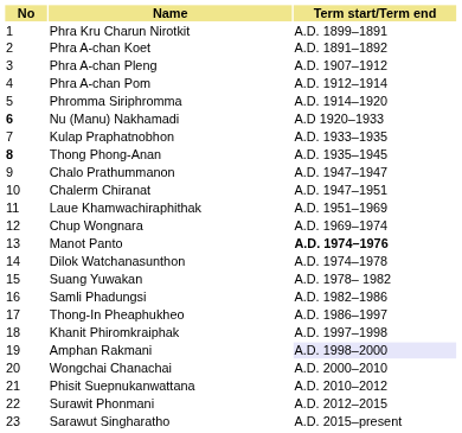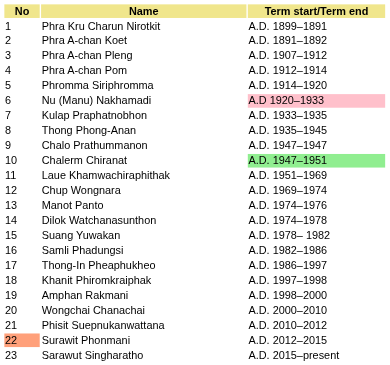 <table class="PrvPe0b">
 <tr>
 <th width="50" style="background: Khaki;text-align: center;">No</th>
 <th width="300" style="background: Khaki;text-align: center;">Name</th>
 <th width="200" style="background: Khaki;text-align: center;">Term  start/Term  end</th>
 </tr>
 <tr>
 <td>1</td>
 <td>Phra Kru Charun Nirotkit</td>
 <td>A.D. 1899–1891</td>
 </tr>
 <tr>
 <td>2</td>
 <td>Phra A-chan Koet</td>
 <td>A.D. 1891–1892</td>
 </tr>
 <tr>
 <td>3</td>
 <td>Phra A-chan Pleng</td>
 <td>A.D. 1907–1912</td>
 </tr>
 <tr>
 <td>4</td>
 <td>Phra A-chan Pom</td>
 <td>A.D. 1912–1914</td>
 </tr>
 <tr>
 <td>5</td>
 <td>Phromma Siriphromma</td>
 <td>A.D. 1914–1920</td>
 </tr>
 <tr>
-<td><strong>6</strong></td>
+<td>6</td>
 <td>Nu (Manu) Nakhamadi</td>
-<td>A.D 1920–1933</td>
+<td style="background: pink;">A.D 1920–1933</td>
 </tr>
 <tr>
 <td>7</td>
 <td>Kulap Praphatnobhon</td>
 <td>A.D. 1933–1935</td>
 </tr>
 <tr>
-<td><strong>8</strong></td>
+<td>8</td>
 <td>Thong Phong-Anan</td>
 <td>A.D. 1935–1945</td>
 </tr>
 <tr>
 <td>9</td>
 <td>Chalo Prathummanon</td>
 <td>A.D. 1947–1947</td>
 </tr>
 <tr>
 <td>10</td>
 <td>Chalerm Chiranat</td>
-<td>A.D. 1947–1951</td>
+<td style="background: lightgreen;">A.D. 1947–1951</td>
 </tr>
 <tr>
 <td>11</td>
 <td>Laue Khamwachiraphithak</td>
 <td>A.D. 1951–1969</td>
 </tr>
 <tr>
 <td>12</td>
 <td>Chup Wongnara</td>
 <td>A.D. 1969–1974</td>
 </tr>
 <tr>
 <td>13</td>
 <td>Manot Panto</td>
-<td><strong>A.D. 1974–1976</strong></td>
+<td>A.D. 1974–1976</td>
 </tr>
 <tr>
 <td>14</td>
 <td>Dilok Watchanasunthon</td>
 <td>A.D. 1974–1978</td>
 </tr>
 <tr>
 <td>15</td>
 <td>Suang Yuwakan</td>
 <td>A.D. 1978– 1982</td>
 </tr>
 <tr>
 <td>16</td>
 <td>Samli Phadungsi</td>
 <td>A.D. 1982–1986</td>
 </tr>
 <tr>
 <td>17</td>
 <td>Thong-In Pheaphukheo</td>
 <td>A.D. 1986–1997</td>
 </tr>
 <tr>
 <td>18</td>
 <td>Khanit Phiromkraiphak</td>
 <td>A.D. 1997–1998</td>
 </tr>
 <tr>
 <td>19</td>
 <td>Amphan Rakmani</td>
-<td style="background: lavender;">A.D. 1998–2000</td>
+<td>A.D. 1998–2000</td>
 </tr>
 <tr>
 <td>20</td>
 <td>Wongchai Chanachai</td>
 <td>A.D. 2000–2010</td>
 </tr>
 <tr>
 <td>21</td>
 <td>Phisit Suepnukanwattana</td>
 <td>A.D. 2010–2012</td>
 </tr>
 <tr>
-<td>22</td>
+<td style="background: lightsalmon;">22</td>
 <td>Surawit Phonmani</td>
 <td>A.D. 2012–2015</td>
 </tr>
 <tr>
 <td>23</td>
 <td>Sarawut Singharatho</td>
 <td>A.D. 2015–present</td>
 </tr>
 <tr>
 </tr>
 </table>
